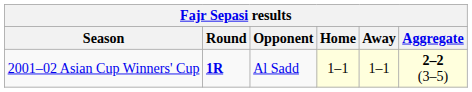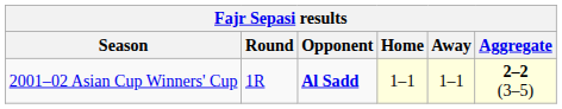 <table class="wikitable">
 <tr>
 <th colspan="6"><a href='#'>Fajr Sepasi</a> results</th>
 </tr>
 <tr>
 <th>Season</th>
 <th>Round</th>
 <th>Opponent</th>
 <th>Home</th>
 <th>Away</th>
 <th><a href='#'>Aggregate</a></th>
 </tr>
 <tr>
 <td><a href='#'>2001–02 Asian Cup Winners' Cup</a></td>
-<td><strong><a href='#'>1R</a></strong></td>
-<td> <a href='#'>Al Sadd</a></td>
+<td><a href='#'>1R</a></td>
+<td><strong> <a href='#'>Al Sadd</a></strong></td>
 <td bgcolor="#ffffdd" style="text-align:center;">1–1 </td>
 <td bgcolor="#ffffdd" style="text-align:center;">1–1</td>
 <td bgcolor="#ffffdd" style="text-align:center;"><strong>2–2</strong><br>(3–5)</td>
 </tr>
 </table>
